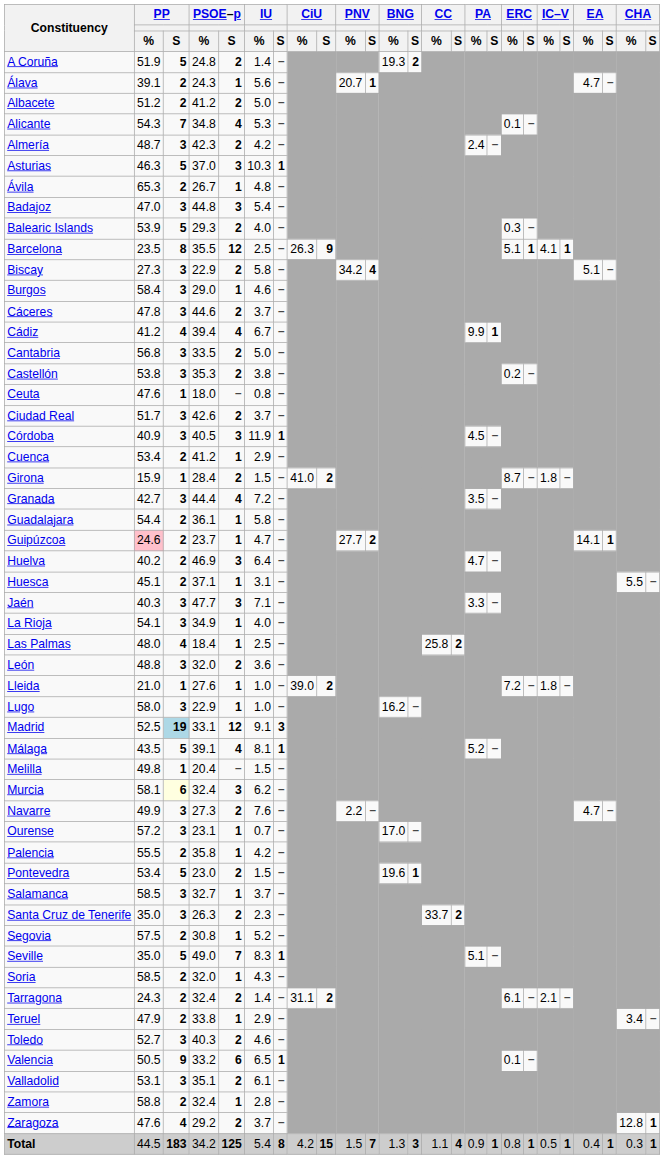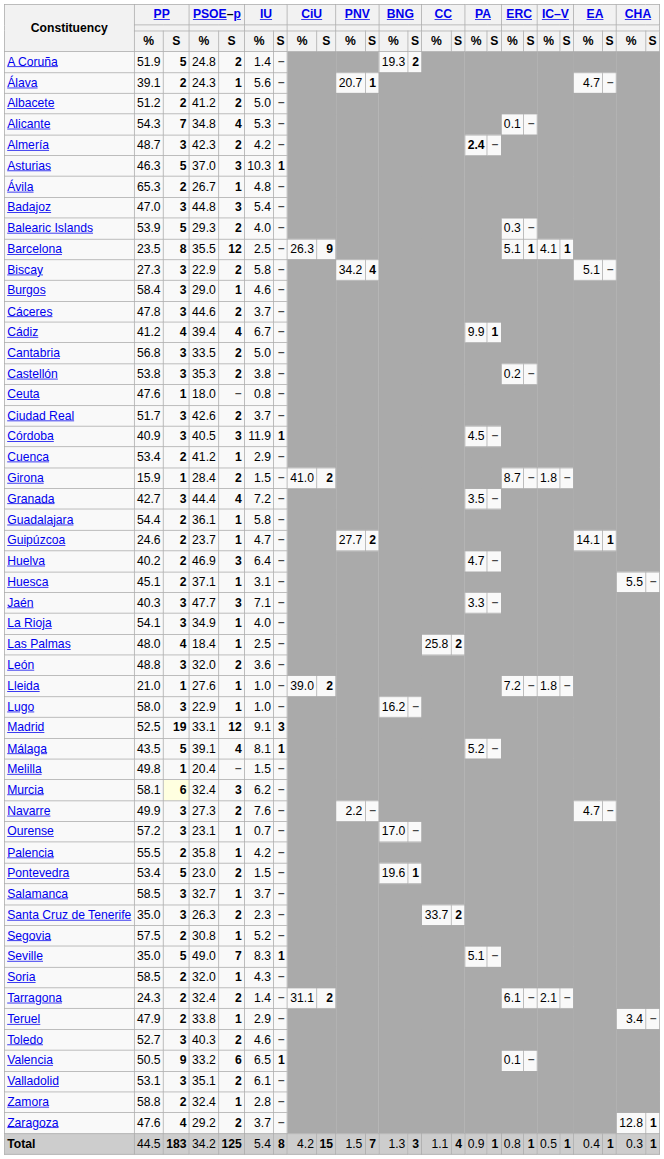 <table class="wikitable sortable" style="text-align:right; line-height:20px;">
 <tr>
 <th rowspan="3">Constituency</th>
 <th colspan="2" width="30px" class="unsortable"><a href='#'>PP</a></th>
 <th colspan="2" width="30px" class="unsortable"><a href='#'>PSOE</a>–<a href='#'>p</a></th>
 <th colspan="2" width="30px" class="unsortable"><a href='#'>IU</a></th>
 <th colspan="2" width="30px" class="unsortable"><a href='#'>CiU</a></th>
 <th colspan="2" width="30px" class="unsortable"><a href='#'>PNV</a></th>
 <th colspan="2" width="30px" class="unsortable"><a href='#'>BNG</a></th>
 <th colspan="2" width="30px" class="unsortable"><a href='#'>CC</a></th>
 <th colspan="2" width="30px" class="unsortable"><a href='#'>PA</a></th>
 <th colspan="2" width="30px" class="unsortable"><a href='#'>ERC</a></th>
 <th colspan="2" width="30px" class="unsortable"><a href='#'>IC–V</a></th>
 <th colspan="2" width="30px" class="unsortable"><a href='#'>EA</a></th>
 <th colspan="2" width="30px" class="unsortable"><a href='#'>CHA</a></th>
 </tr>
 <tr>
 <th colspan="2" style="background:"></th>
 <th colspan="2" style="background:"></th>
 <th colspan="2" style="background:"></th>
 <th colspan="2" style="background:"></th>
 <th colspan="2" style="background:"></th>
 <th colspan="2" style="background:"></th>
 <th colspan="2" style="background:"></th>
 <th colspan="2" style="background:"></th>
 <th colspan="2" style="background:"></th>
 <th colspan="2" style="background:"></th>
 <th colspan="2" style="background:"></th>
 <th colspan="2" style="background:"></th>
 </tr>
 <tr>
 <th data-sort-type="number">%</th>
 <th data-sort-type="number">S</th>
 <th data-sort-type="number">%</th>
 <th data-sort-type="number">S</th>
 <th data-sort-type="number">%</th>
 <th data-sort-type="number">S</th>
 <th data-sort-type="number">%</th>
 <th data-sort-type="number">S</th>
 <th data-sort-type="number">%</th>
 <th data-sort-type="number">S</th>
 <th data-sort-type="number">%</th>
 <th data-sort-type="number">S</th>
 <th data-sort-type="number">%</th>
 <th data-sort-type="number">S</th>
 <th data-sort-type="number">%</th>
 <th data-sort-type="number">S</th>
 <th data-sort-type="number">%</th>
 <th data-sort-type="number">S</th>
 <th data-sort-type="number">%</th>
 <th data-sort-type="number">S</th>
 <th data-sort-type="number">%</th>
 <th data-sort-type="number">S</th>
 <th data-sort-type="number">%</th>
 <th data-sort-type="number">S</th>
 </tr>
 <tr>
 <td align="left"><a href='#'>A Coruña</a></td>
 <td style="background:">51.9</td>
 <td><strong>5</strong></td>
 <td>24.8</td>
 <td><strong>2</strong></td>
 <td>1.4</td>
 <td>−</td>
 <td colspan="2" rowspan="9" bgcolor="#AAAAAA"></td>
 <td colspan="2" bgcolor="#AAAAAA"></td>
 <td>19.3</td>
 <td><strong>2</strong></td>
 <td colspan="2" rowspan="28" bgcolor="#AAAAAA"></td>
 <td colspan="2" rowspan="4" bgcolor="#AAAAAA"></td>
 <td colspan="2" rowspan="3" bgcolor="#AAAAAA"></td>
 <td colspan="2" rowspan="9" bgcolor="#AAAAAA"></td>
 <td colspan="2" bgcolor="#AAAAAA"></td>
 <td colspan="2" rowspan="25" bgcolor="#AAAAAA"></td>
 </tr>
 <tr>
 <td align="left"><a href='#'>Álava</a></td>
 <td style="background:">39.1</td>
 <td><strong>2</strong></td>
 <td>24.3</td>
 <td><strong>1</strong></td>
 <td>5.6</td>
 <td>−</td>
 <td>20.7</td>
 <td><strong>1</strong></td>
 <td colspan="2" rowspan="30" bgcolor="#AAAAAA"></td>
 <td>4.7</td>
 <td>−</td>
 </tr>
 <tr>
 <td align="left"><a href='#'>Albacete</a></td>
 <td style="background:">51.2</td>
 <td><strong>2</strong></td>
 <td>41.2</td>
 <td><strong>2</strong></td>
 <td>5.0</td>
 <td>−</td>
 <td colspan="2" rowspan="8" bgcolor="#AAAAAA"></td>
 <td colspan="2" rowspan="8" bgcolor="#AAAAAA"></td>
 </tr>
 <tr>
 <td align="left"><a href='#'>Alicante</a></td>
 <td style="background:">54.3</td>
 <td><strong>7</strong></td>
 <td>34.8</td>
 <td><strong>4</strong></td>
 <td>5.3</td>
 <td>−</td>
 <td>0.1</td>
 <td>−</td>
 </tr>
 <tr>
 <td align="left"><a href='#'>Almería</a></td>
 <td style="background:">48.7</td>
 <td><strong>3</strong></td>
 <td>42.3</td>
 <td><strong>2</strong></td>
 <td>4.2</td>
 <td>−</td>
-<td>2.4</td>
+<td><strong>2.4</strong></td>
 <td>−</td>
 <td colspan="2" rowspan="4" bgcolor="#AAAAAA"></td>
 </tr>
 <tr>
 <td align="left"><a href='#'>Asturias</a></td>
 <td style="background:">46.3</td>
 <td><strong>5</strong></td>
 <td>37.0</td>
 <td><strong>3</strong></td>
 <td>10.3</td>
 <td><strong>1</strong></td>
 <td colspan="2" rowspan="8" bgcolor="#AAAAAA"></td>
 </tr>
 <tr>
 <td align="left"><a href='#'>Ávila</a></td>
 <td style="background:">65.3</td>
 <td><strong>2</strong></td>
 <td>26.7</td>
 <td><strong>1</strong></td>
 <td>4.8</td>
 <td>−</td>
 </tr>
 <tr>
 <td align="left"><a href='#'>Badajoz</a></td>
 <td style="background:">47.0</td>
 <td><strong>3</strong></td>
 <td>44.8</td>
 <td><strong>3</strong></td>
 <td>5.4</td>
 <td>−</td>
 </tr>
 <tr>
 <td align="left"><a href='#'>Balearic Islands</a></td>
 <td style="background:">53.9</td>
 <td><strong>5</strong></td>
 <td>29.3</td>
 <td><strong>2</strong></td>
 <td>4.0</td>
 <td>−</td>
 <td>0.3</td>
 <td>−</td>
 </tr>
 <tr>
 <td align="left"><a href='#'>Barcelona</a></td>
 <td>23.5</td>
 <td><strong>8</strong></td>
 <td style="background:">35.5</td>
 <td><strong>12</strong></td>
 <td>2.5</td>
 <td>−</td>
 <td>26.3</td>
 <td><strong>9</strong></td>
 <td>5.1</td>
 <td><strong>1</strong></td>
 <td>4.1</td>
 <td><strong>1</strong></td>
 </tr>
 <tr>
 <td align="left"><a href='#'>Biscay</a></td>
 <td>27.3</td>
 <td><strong>3</strong></td>
 <td>22.9</td>
 <td><strong>2</strong></td>
 <td>5.8</td>
 <td>−</td>
 <td colspan="2" rowspan="10" bgcolor="#AAAAAA"></td>
 <td style="background:">34.2</td>
 <td><strong>4</strong></td>
 <td colspan="2" rowspan="5" bgcolor="#AAAAAA"></td>
 <td colspan="2" rowspan="10" bgcolor="#AAAAAA"></td>
 <td>5.1</td>
 <td>−</td>
 </tr>
 <tr>
 <td align="left"><a href='#'>Burgos</a></td>
 <td style="background:">58.4</td>
 <td><strong>3</strong></td>
 <td>29.0</td>
 <td><strong>1</strong></td>
 <td>4.6</td>
 <td>−</td>
 <td colspan="2" rowspan="12" bgcolor="#AAAAAA"></td>
 <td colspan="2" rowspan="12" bgcolor="#AAAAAA"></td>
 </tr>
 <tr>
 <td align="left"><a href='#'>Cáceres</a></td>
 <td style="background:">47.8</td>
 <td><strong>3</strong></td>
 <td>44.6</td>
 <td><strong>2</strong></td>
 <td>3.7</td>
 <td>−</td>
 </tr>
 <tr>
 <td align="left"><a href='#'>Cádiz</a></td>
 <td style="background:">41.2</td>
 <td><strong>4</strong></td>
 <td>39.4</td>
 <td><strong>4</strong></td>
 <td>6.7</td>
 <td>−</td>
 <td>9.9</td>
 <td><strong>1</strong></td>
 </tr>
 <tr>
 <td align="left"><a href='#'>Cantabria</a></td>
 <td style="background:">56.8</td>
 <td><strong>3</strong></td>
 <td>33.5</td>
 <td><strong>2</strong></td>
 <td>5.0</td>
 <td>−</td>
 <td colspan="2" rowspan="4" bgcolor="#AAAAAA"></td>
 </tr>
 <tr>
 <td align="left"><a href='#'>Castellón</a></td>
 <td style="background:">53.8</td>
 <td><strong>3</strong></td>
 <td>35.3</td>
 <td><strong>2</strong></td>
 <td>3.8</td>
 <td>−</td>
 <td>0.2</td>
 <td>−</td>
 </tr>
 <tr>
 <td align="left"><a href='#'>Ceuta</a></td>
 <td style="background:">47.6</td>
 <td><strong>1</strong></td>
 <td>18.0</td>
 <td>−</td>
 <td>0.8</td>
 <td>−</td>
 <td colspan="2" rowspan="4" bgcolor="#AAAAAA"></td>
 </tr>
 <tr>
 <td align="left"><a href='#'>Ciudad Real</a></td>
 <td style="background:">51.7</td>
 <td><strong>3</strong></td>
 <td>42.6</td>
 <td><strong>2</strong></td>
 <td>3.7</td>
 <td>−</td>
 </tr>
 <tr>
 <td align="left"><a href='#'>Córdoba</a></td>
 <td style="background:">40.9</td>
 <td><strong>3</strong></td>
 <td>40.5</td>
 <td><strong>3</strong></td>
 <td>11.9</td>
 <td><strong>1</strong></td>
 <td>4.5</td>
 <td>−</td>
 </tr>
 <tr>
 <td align="left"><a href='#'>Cuenca</a></td>
 <td style="background:">53.4</td>
 <td><strong>2</strong></td>
 <td>41.2</td>
 <td><strong>1</strong></td>
 <td>2.9</td>
 <td>−</td>
 <td colspan="2" rowspan="2" bgcolor="#AAAAAA"></td>
 </tr>
 <tr>
 <td align="left"><a href='#'>Girona</a></td>
 <td>15.9</td>
 <td><strong>1</strong></td>
 <td>28.4</td>
 <td><strong>2</strong></td>
 <td>1.5</td>
 <td>−</td>
 <td style="background:">41.0</td>
 <td><strong>2</strong></td>
 <td>8.7</td>
 <td>−</td>
 <td>1.8</td>
 <td>−</td>
 </tr>
 <tr>
 <td align="left"><a href='#'>Granada</a></td>
 <td>42.7</td>
 <td><strong>3</strong></td>
 <td style="background:">44.4</td>
 <td><strong>4</strong></td>
 <td>7.2</td>
 <td>−</td>
 <td colspan="2" rowspan="9" bgcolor="#AAAAAA"></td>
 <td>3.5</td>
 <td>−</td>
 <td colspan="2" rowspan="9" bgcolor="#AAAAAA"></td>
 <td colspan="2" rowspan="9" bgcolor="#AAAAAA"></td>
 </tr>
 <tr>
 <td align="left"><a href='#'>Guadalajara</a></td>
 <td style="background:">54.4</td>
 <td><strong>2</strong></td>
 <td>36.1</td>
 <td><strong>1</strong></td>
 <td>5.8</td>
 <td>−</td>
 <td colspan="2" rowspan="2" bgcolor="#AAAAAA"></td>
 </tr>
 <tr>
 <td align="left"><a href='#'>Guipúzcoa</a></td>
-<td style="background: pink;">24.6</td>
+<td>24.6</td>
 <td><strong>2</strong></td>
 <td>23.7</td>
 <td><strong>1</strong></td>
 <td>4.7</td>
 <td>−</td>
 <td style="background:">27.7</td>
 <td><strong>2</strong></td>
 <td>14.1</td>
 <td><strong>1</strong></td>
 </tr>
 <tr>
 <td align="left"><a href='#'>Huelva</a></td>
 <td>40.2</td>
 <td><strong>2</strong></td>
 <td style="background:">46.9</td>
 <td><strong>3</strong></td>
 <td>6.4</td>
 <td>−</td>
 <td colspan="2" rowspan="12" bgcolor="#AAAAAA"></td>
 <td>4.7</td>
 <td>−</td>
 <td colspan="2" rowspan="12" bgcolor="#AAAAAA"></td>
 </tr>
 <tr>
 <td align="left"><a href='#'>Huesca</a></td>
 <td style="background:">45.1</td>
 <td><strong>2</strong></td>
 <td>37.1</td>
 <td><strong>1</strong></td>
 <td>3.1</td>
 <td>−</td>
 <td colspan="2" bgcolor="#AAAAAA"></td>
 <td>5.5</td>
 <td>−</td>
 </tr>
 <tr>
 <td align="left"><a href='#'>Jaén</a></td>
 <td>40.3</td>
 <td><strong>3</strong></td>
 <td style="background:">47.7</td>
 <td><strong>3</strong></td>
 <td>7.1</td>
 <td>−</td>
 <td>3.3</td>
 <td>−</td>
 <td colspan="2" rowspan="20" bgcolor="#AAAAAA"></td>
 </tr>
 <tr>
 <td align="left"><a href='#'>La Rioja</a></td>
 <td style="background:">54.1</td>
 <td><strong>3</strong></td>
 <td>34.9</td>
 <td><strong>1</strong></td>
 <td>4.0</td>
 <td>−</td>
 <td colspan="2" rowspan="6" bgcolor="#AAAAAA"></td>
 </tr>
 <tr>
 <td align="left"><a href='#'>Las Palmas</a></td>
 <td style="background:">48.0</td>
 <td><strong>4</strong></td>
 <td>18.4</td>
 <td><strong>1</strong></td>
 <td>2.5</td>
 <td>−</td>
 <td>25.8</td>
 <td><strong>2</strong></td>
 </tr>
 <tr>
 <td align="left"><a href='#'>León</a></td>
 <td style="background:">48.8</td>
 <td><strong>3</strong></td>
 <td>32.0</td>
 <td><strong>2</strong></td>
 <td>3.6</td>
 <td>−</td>
 <td colspan="2" rowspan="12" bgcolor="#AAAAAA"></td>
 </tr>
 <tr>
 <td align="left"><a href='#'>Lleida</a></td>
 <td>21.0</td>
 <td><strong>1</strong></td>
 <td>27.6</td>
 <td><strong>1</strong></td>
 <td>1.0</td>
 <td>−</td>
 <td style="background:">39.0</td>
 <td><strong>2</strong></td>
 <td>7.2</td>
 <td>−</td>
 <td>1.8</td>
 <td>−</td>
 </tr>
 <tr>
 <td align="left"><a href='#'>Lugo</a></td>
 <td style="background:">58.0</td>
 <td><strong>3</strong></td>
 <td>22.9</td>
 <td><strong>1</strong></td>
 <td>1.0</td>
 <td>−</td>
 <td colspan="2" rowspan="14" bgcolor="#AAAAAA"></td>
 <td>16.2</td>
 <td>−</td>
 <td colspan="2" rowspan="14" bgcolor="#AAAAAA"></td>
 <td colspan="2" rowspan="14" bgcolor="#AAAAAA"></td>
 </tr>
 <tr>
 <td align="left"><a href='#'>Madrid</a></td>
 <td style="background:">52.5</td>
-<td style="background: lightblue;"><strong>19</strong></td>
+<td><strong>19</strong></td>
 <td>33.1</td>
 <td><strong>12</strong></td>
 <td>9.1</td>
 <td><strong>3</strong></td>
 <td colspan="2" rowspan="5" bgcolor="#AAAAAA"></td>
 </tr>
 <tr>
 <td align="left"><a href='#'>Málaga</a></td>
 <td style="background:">43.5</td>
 <td><strong>5</strong></td>
 <td>39.1</td>
 <td><strong>4</strong></td>
 <td>8.1</td>
 <td><strong>1</strong></td>
 <td>5.2</td>
 <td>−</td>
 </tr>
 <tr>
 <td align="left"><a href='#'>Melilla</a></td>
 <td style="background:">49.8</td>
 <td><strong>1</strong></td>
 <td>20.4</td>
 <td>−</td>
 <td>1.5</td>
 <td>−</td>
 <td colspan="2" rowspan="9" bgcolor="#AAAAAA"></td>
 </tr>
 <tr>
 <td align="left"><a href='#'>Murcia</a></td>
 <td style="background:">58.1</td>
 <td style="background: lightyellow;"><strong>6</strong></td>
 <td>32.4</td>
 <td><strong>3</strong></td>
 <td>6.2</td>
 <td>−</td>
 </tr>
 <tr>
 <td align="left"><a href='#'>Navarre</a></td>
 <td style="background:">49.9</td>
 <td><strong>3</strong></td>
 <td>27.3</td>
 <td><strong>2</strong></td>
 <td>7.6</td>
 <td>−</td>
 <td>2.2</td>
 <td>−</td>
 <td>4.7</td>
 <td>−</td>
 </tr>
 <tr>
 <td align="left"><a href='#'>Ourense</a></td>
 <td style="background:">57.2</td>
 <td><strong>3</strong></td>
 <td>23.1</td>
 <td><strong>1</strong></td>
 <td>0.7</td>
 <td>−</td>
 <td colspan="2" rowspan="15" bgcolor="#AAAAAA"></td>
 <td>17.0</td>
 <td>−</td>
 <td colspan="2" rowspan="15" bgcolor="#AAAAAA"></td>
 </tr>
 <tr>
 <td align="left"><a href='#'>Palencia</a></td>
 <td style="background:">55.5</td>
 <td><strong>2</strong></td>
 <td>35.8</td>
 <td><strong>1</strong></td>
 <td>4.2</td>
 <td>−</td>
 <td colspan="2" bgcolor="#AAAAAA"></td>
 </tr>
 <tr>
 <td align="left"><a href='#'>Pontevedra</a></td>
 <td style="background:">53.4</td>
 <td><strong>5</strong></td>
 <td>23.0</td>
 <td><strong>2</strong></td>
 <td>1.5</td>
 <td>−</td>
 <td>19.6</td>
 <td><strong>1</strong></td>
 </tr>
 <tr>
 <td align="left"><a href='#'>Salamanca</a></td>
 <td style="background:">58.5</td>
 <td><strong>3</strong></td>
 <td>32.7</td>
 <td><strong>1</strong></td>
 <td>3.7</td>
 <td>−</td>
 <td colspan="2" rowspan="12" bgcolor="#AAAAAA"></td>
 </tr>
 <tr>
 <td align="left"><a href='#'>Santa Cruz de Tenerife</a></td>
 <td style="background:">35.0</td>
 <td><strong>3</strong></td>
 <td>26.3</td>
 <td><strong>2</strong></td>
 <td>2.3</td>
 <td>−</td>
 <td>33.7</td>
 <td><strong>2</strong></td>
 </tr>
 <tr>
 <td align="left"><a href='#'>Segovia</a></td>
 <td style="background:">57.5</td>
 <td><strong>2</strong></td>
 <td>30.8</td>
 <td><strong>1</strong></td>
 <td>5.2</td>
 <td>−</td>
 <td colspan="2" rowspan="10" bgcolor="#AAAAAA"></td>
 </tr>
 <tr>
 <td align="left"><a href='#'>Seville</a></td>
 <td>35.0</td>
 <td><strong>5</strong></td>
 <td style="background:">49.0</td>
 <td><strong>7</strong></td>
 <td>8.3</td>
 <td><strong>1</strong></td>
 <td>5.1</td>
 <td>−</td>
 </tr>
 <tr>
 <td align="left"><a href='#'>Soria</a></td>
 <td style="background:">58.5</td>
 <td><strong>2</strong></td>
 <td>32.0</td>
 <td><strong>1</strong></td>
 <td>4.3</td>
 <td>−</td>
 <td colspan="2" rowspan="8" bgcolor="#AAAAAA"></td>
 </tr>
 <tr>
 <td align="left"><a href='#'>Tarragona</a></td>
 <td>24.3</td>
 <td><strong>2</strong></td>
 <td style="background:">32.4</td>
 <td><strong>2</strong></td>
 <td>1.4</td>
 <td>−</td>
 <td>31.1</td>
 <td><strong>2</strong></td>
 <td>6.1</td>
 <td>−</td>
 <td>2.1</td>
 <td>−</td>
 </tr>
 <tr>
 <td align="left"><a href='#'>Teruel</a></td>
 <td style="background:">47.9</td>
 <td><strong>2</strong></td>
 <td>33.8</td>
 <td><strong>1</strong></td>
 <td>2.9</td>
 <td>−</td>
 <td colspan="2" rowspan="6" bgcolor="#AAAAAA"></td>
 <td colspan="2" rowspan="2" bgcolor="#AAAAAA"></td>
 <td colspan="2" rowspan="6" bgcolor="#AAAAAA"></td>
 <td>3.4</td>
 <td>−</td>
 </tr>
 <tr>
 <td align="left"><a href='#'>Toledo</a></td>
 <td style="background:">52.7</td>
 <td><strong>3</strong></td>
 <td>40.3</td>
 <td><strong>2</strong></td>
 <td>4.6</td>
 <td>−</td>
 <td colspan="2" rowspan="4" bgcolor="#AAAAAA"></td>
 </tr>
 <tr>
 <td align="left"><a href='#'>Valencia</a></td>
 <td style="background:">50.5</td>
 <td><strong>9</strong></td>
 <td>33.2</td>
 <td><strong>6</strong></td>
 <td>6.5</td>
 <td><strong>1</strong></td>
 <td>0.1</td>
 <td>−</td>
 </tr>
 <tr>
 <td align="left"><a href='#'>Valladolid</a></td>
 <td style="background:">53.1</td>
 <td><strong>3</strong></td>
 <td>35.1</td>
 <td><strong>2</strong></td>
 <td>6.1</td>
 <td>−</td>
 <td colspan="2" rowspan="3" bgcolor="#AAAAAA"></td>
 </tr>
 <tr>
 <td align="left"><a href='#'>Zamora</a></td>
 <td style="background:">58.8</td>
 <td><strong>2</strong></td>
 <td>32.4</td>
 <td><strong>1</strong></td>
 <td>2.8</td>
 <td>−</td>
 </tr>
 <tr>
 <td align="left"><a href='#'>Zaragoza</a></td>
 <td style="background:">47.6</td>
 <td><strong>4</strong></td>
 <td>29.2</td>
 <td><strong>2</strong></td>
 <td>3.7</td>
 <td>−</td>
 <td>12.8</td>
 <td><strong>1</strong></td>
 </tr>
 <tr style="background:#CDCDCD;">
 <td align="left"><strong>Total</strong></td>
 <td style="background:">44.5</td>
 <td><strong>183</strong></td>
 <td>34.2</td>
 <td><strong>125</strong></td>
 <td>5.4</td>
 <td><strong>8</strong></td>
 <td>4.2</td>
 <td><strong>15</strong></td>
 <td>1.5</td>
 <td><strong>7</strong></td>
 <td>1.3</td>
 <td><strong>3</strong></td>
 <td>1.1</td>
 <td><strong>4</strong></td>
 <td>0.9</td>
 <td><strong>1</strong></td>
 <td>0.8</td>
 <td><strong>1</strong></td>
 <td>0.5</td>
 <td><strong>1</strong></td>
 <td>0.4</td>
 <td><strong>1</strong></td>
 <td>0.3</td>
 <td><strong>1</strong></td>
 </tr>
 </table>
